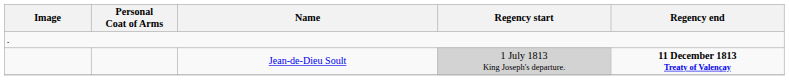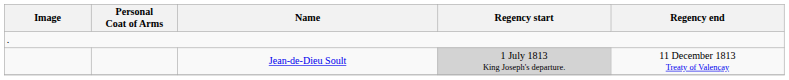 <table width=98% class="wikitable">
 <tr>
 <th width=10%>Image</th>
 <th width=10%>Personal<br>Coat of Arms</th>
 <th width=30%>Name</th>
 <th width=20%>Regency start</th>
 <th width=20%>Regency end</th>
 </tr>
 <tr>
 <td colspan=5>.</td>
 </tr>
 <tr>
 <td align="center"></td>
 <td align="center"></td>
 <td align="center"><a href='#'>Jean-de-Dieu Soult</a></td>
 <td align="center" style="background: lightgrey;">1 July 1813<br><small>King Joseph's departure.</small></td>
-<td align="center"><strong>11 December 1813<br><small><a href='#'>Treaty of Valençay</a></small></strong></td>
+<td align="center">11 December 1813<br><small><a href='#'>Treaty of Valençay</a></small></td>
 </tr>
 <tr>
 </tr>
 </table>
